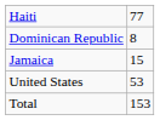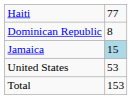 <table class="wikitable" style="float: right; margin:0 1em 0.5em 1em;">
 <tr>
 <td><a href='#'>Haiti</a></td>
 <td>77</td>
 </tr>
 <tr>
 <td><a href='#'>Dominican Republic</a></td>
 <td>8</td>
 </tr>
 <tr>
 <td><a href='#'>Jamaica</a></td>
-<td>15</td>
+<td style="background: lightblue;">15</td>
 </tr>
 <tr>
 <td>United States</td>
 <td>53</td>
 </tr>
 <tr>
 <td>Total</td>
 <td>153</td>
 </tr>
 </table>
